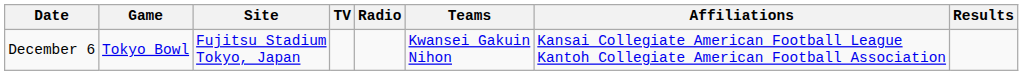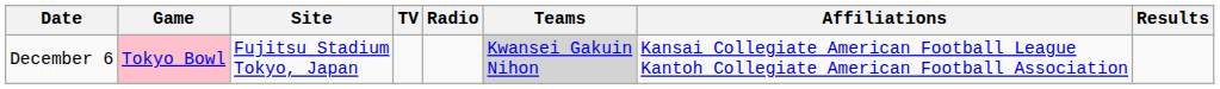 <table class="wikitable" style="font-size:90%;">
 <tr>
 <th>Date</th>
 <th>Game</th>
 <th>Site</th>
 <th>TV</th>
 <th>Radio</th>
 <th>Teams</th>
 <th>Affiliations</th>
 <th>Results</th>
 </tr>
 <tr>
 <td rowspan=3 style=white-space:nowrap>December 6</td>
-<td><a href='#'>Tokyo Bowl</a></td>
+<td style="background: pink;"><a href='#'>Tokyo Bowl</a></td>
 <td><a href='#'>Fujitsu Stadium</a><br><a href='#'>Tokyo, Japan</a></td>
 <td></td>
 <td></td>
-<td><a href='#'>Kwansei Gakuin</a><br><a href='#'>Nihon</a></td>
+<td style="background: lightgrey;"><a href='#'>Kwansei Gakuin</a><br><a href='#'>Nihon</a></td>
 <td><a href='#'>Kansai Collegiate American Football League</a><br><a href='#'>Kantoh Collegiate American Football Association</a></td>
 <td></td>
 </tr>
 </table>
